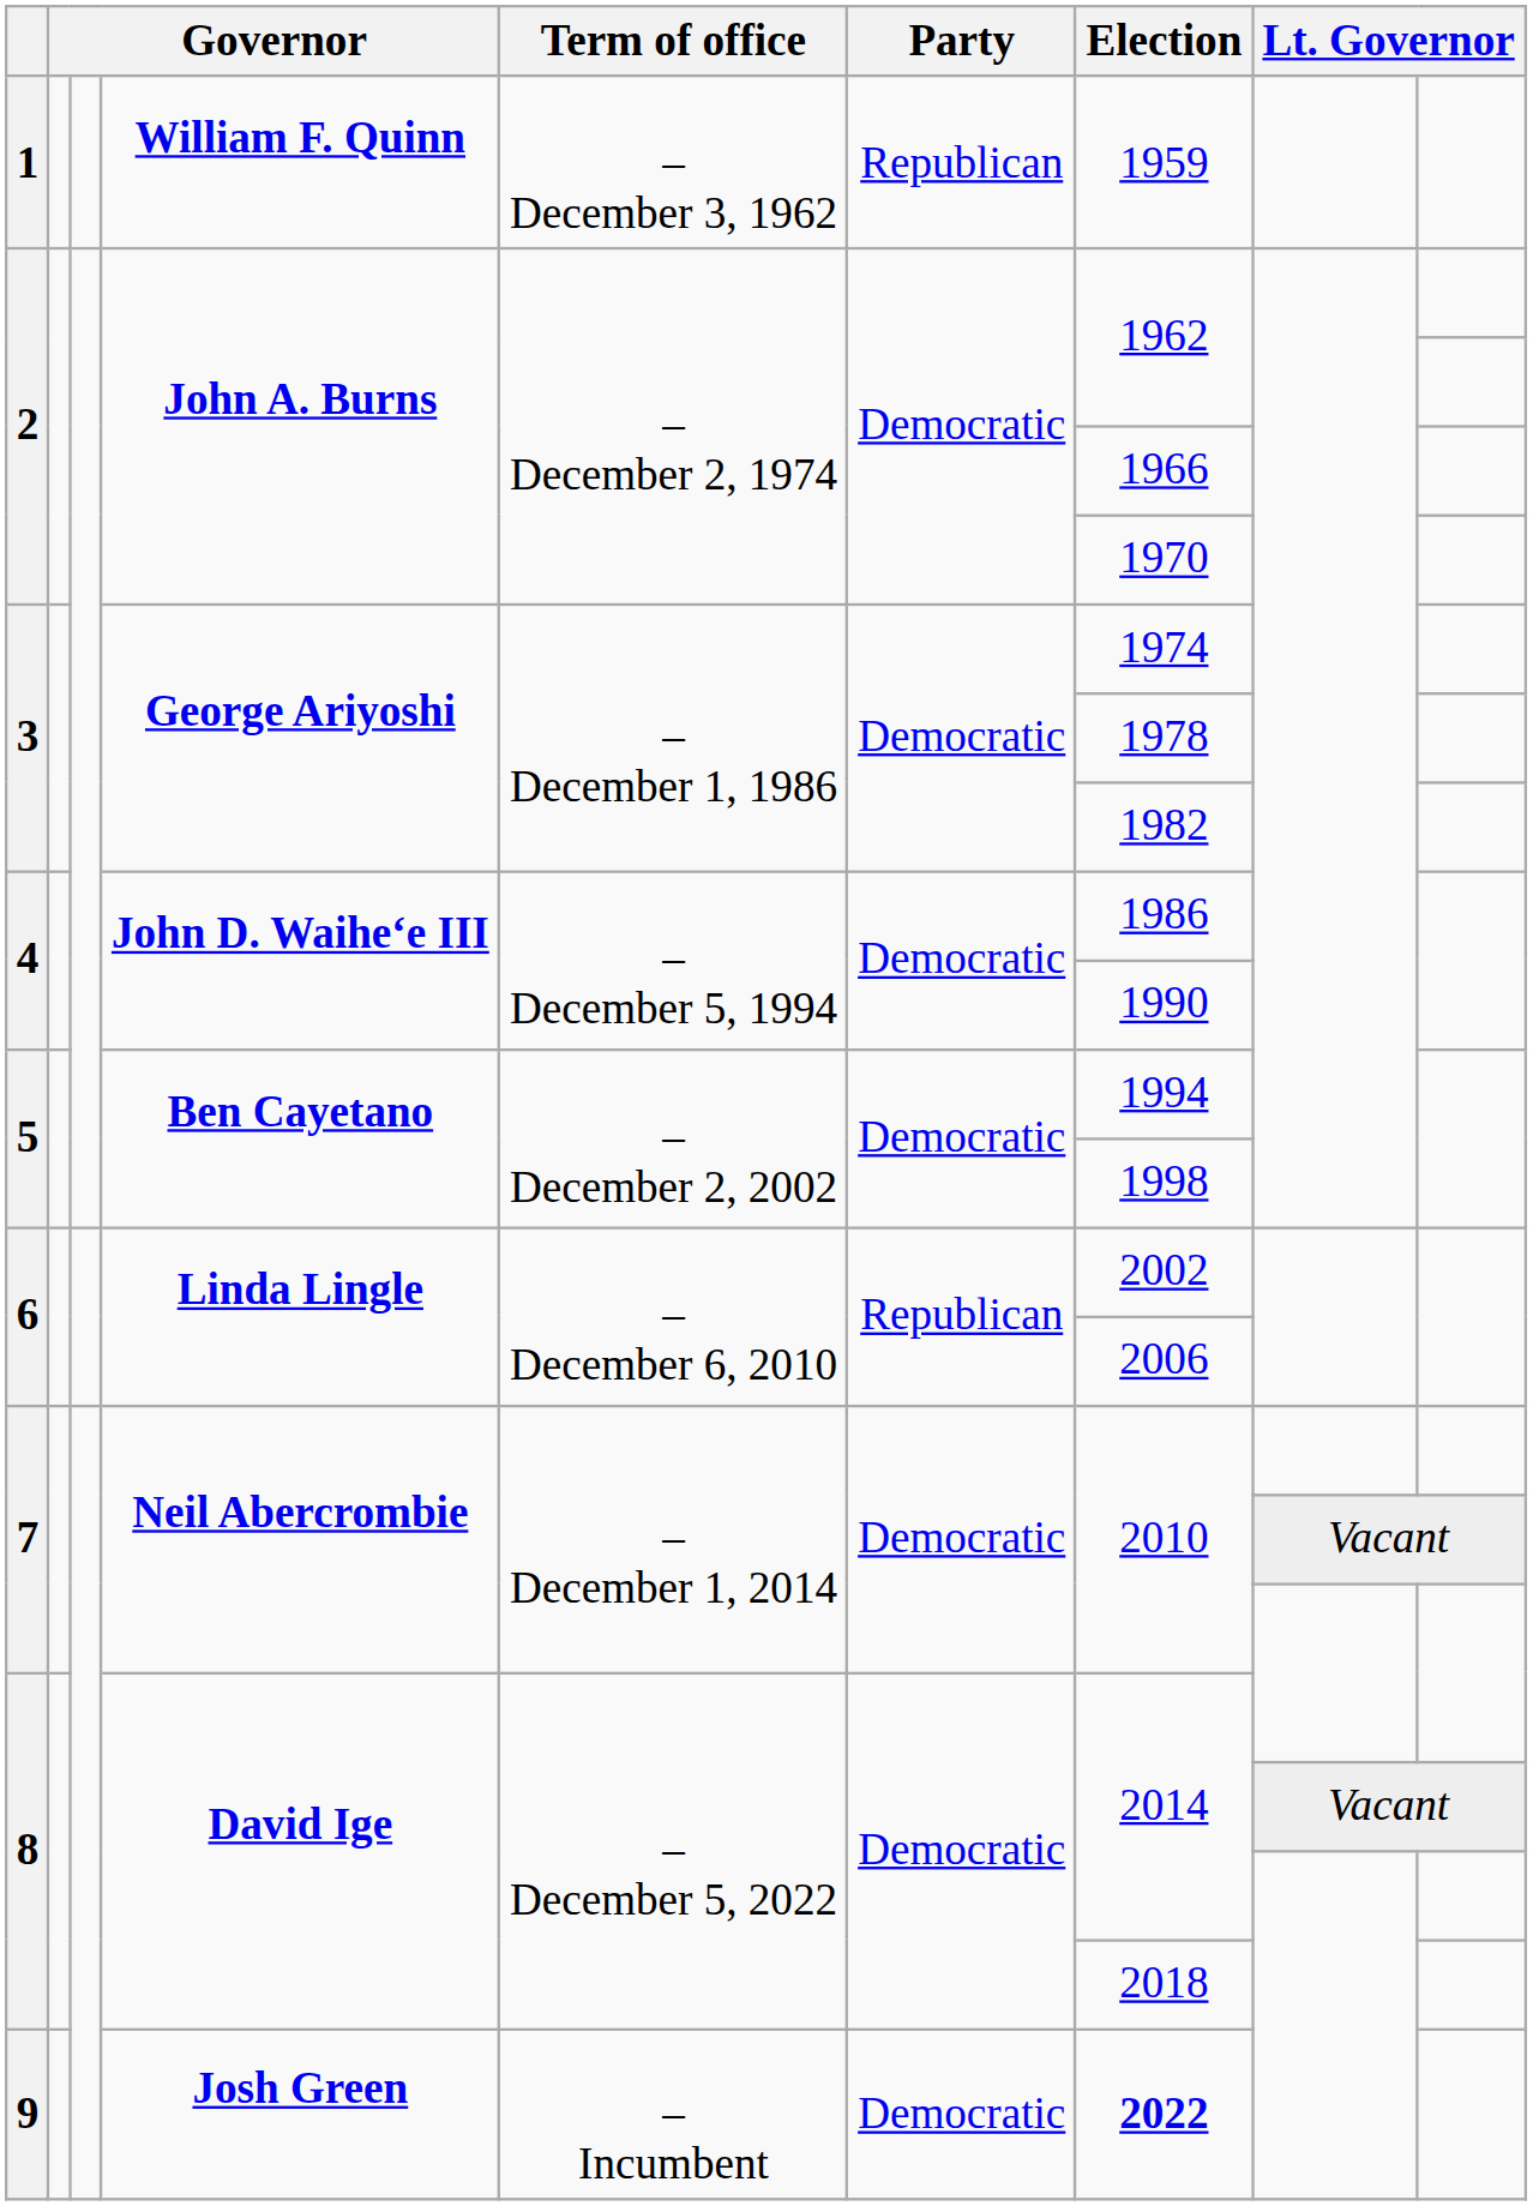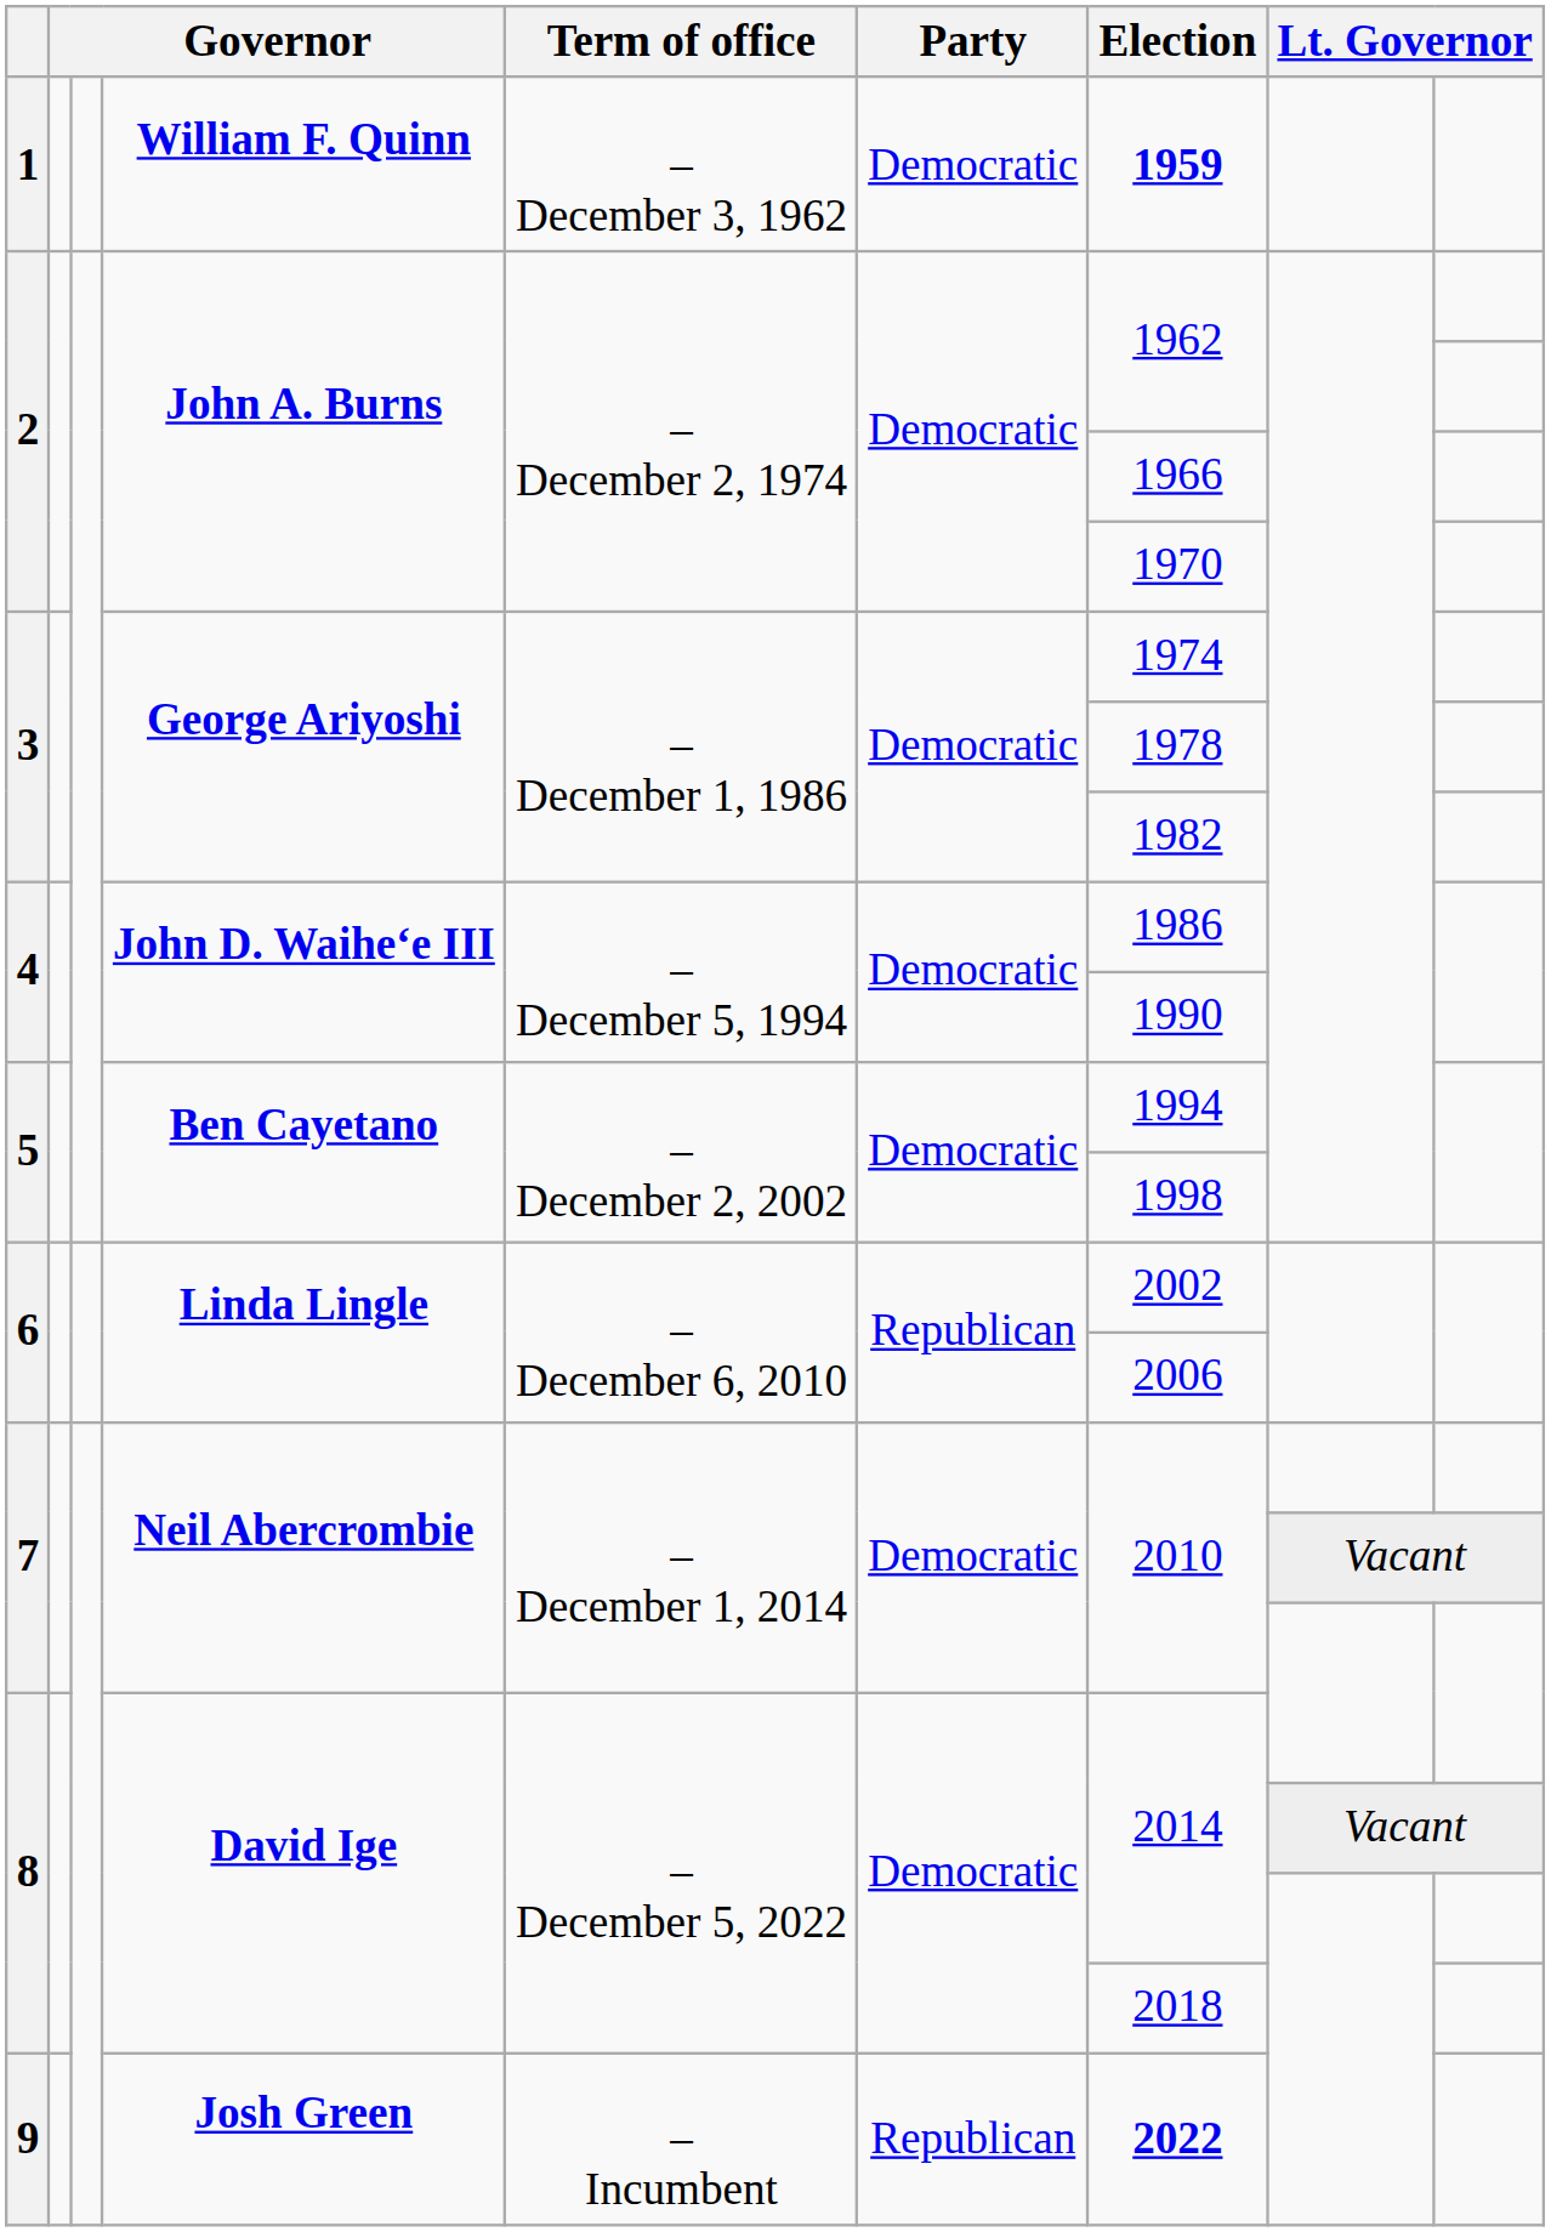 <table class="wikitable sortable mw-collapsible sticky-header-multi" style="text-align:center;">
 <tr>
 <th scope="col" data-sort-type="number"></th>
 <th scope="colgroup" colspan="3">Governor</th>
 <th scope="col">Term of office</th>
 <th scope="col">Party</th>
 <th scope="col">Election</th>
 <th scope="colgroup" colspan="2"><a href='#'>Lt. Governor</a></th>
 </tr>
 <tr style="height:2em;">
 <th scope="row">1</th>
 <td data-sort-value="Quinn, William"></td>
 <td style="background:"> </td>
 <td><strong><a href='#'>William F. Quinn</a></strong><br><br></td>
 <td><br>–<br>December 3, 1962<br></td>
-<td><a href='#'>Republican</a></td>
-<td><a href='#'>1959</a></td>
+<td><a href='#'>Democratic</a></td>
+<td><strong><a href='#'>1959</a></strong></td>
 <td style="background:"> </td>
 <td></td>
 </tr>
 <tr style="height:2em;">
 <th rowspan="4" scope="rowgroup">2</th>
 <td rowspan="4" data-sort-value="Burns, John"></td>
 <td rowspan="11" style="color:inherit;background:"></td>
 <td rowspan="4"><strong><a href='#'>John A. Burns</a></strong><br><br></td>
 <td rowspan="4"><br>–<br>December 2, 1974<br></td>
 <td rowspan="4"><a href='#'>Democratic</a></td>
 <td rowspan="2"><a href='#'>1962</a></td>
 <td rowspan="11" style="color:inherit;background:"></td>
 <td><br></td>
 </tr>
 <tr style="height:2em;">
 <td></td>
 </tr>
 <tr style="height:2em;">
 <td><a href='#'>1966</a></td>
 <td></td>
 </tr>
 <tr style="height:2em;">
 <td><a href='#'>1970</a></td>
 <td></td>
 </tr>
 <tr style="height:2em;">
 <th rowspan="3" scope="rowgroup">3</th>
 <td rowspan="3" data-sort-value="Ariyoshi, George"></td>
 <td rowspan="3"><strong><a href='#'>George Ariyoshi</a></strong><br><br></td>
 <td rowspan="3"><br>–<br>December 1, 1986<br></td>
 <td rowspan="3"><a href='#'>Democratic</a></td>
 <td><a href='#'>1974</a></td>
 <td></td>
 </tr>
 <tr style="height:2em;">
 <td><a href='#'>1978</a></td>
 <td></td>
 </tr>
 <tr style="height:2em;">
 <td><a href='#'>1982</a></td>
 <td></td>
 </tr>
 <tr style="height:2em;">
 <th rowspan="2" scope="rowgroup">4</th>
 <td rowspan="2" data-sort-value="Waiheʻe, John"></td>
 <td rowspan="2"><strong><a href='#'>John D. Waiheʻe III</a></strong><br><br></td>
 <td rowspan="2"><br>–<br>December 5, 1994<br></td>
 <td rowspan="2"><a href='#'>Democratic</a></td>
 <td><a href='#'>1986</a></td>
 <td rowspan="2"></td>
 </tr>
 <tr style="height:2em;">
 <td><a href='#'>1990</a></td>
 </tr>
 <tr style="height:2em;">
 <th rowspan="2" scope="rowgroup">5</th>
 <td rowspan="2" data-sort-value="Cayetano, Ben"></td>
 <td rowspan="2"><strong><a href='#'>Ben Cayetano</a></strong><br><br></td>
 <td rowspan="2"><br>–<br>December 2, 2002<br></td>
 <td rowspan="2"><a href='#'>Democratic</a></td>
 <td><a href='#'>1994</a></td>
 <td rowspan="2"></td>
 </tr>
 <tr style="height:2em;">
 <td><a href='#'>1998</a></td>
 </tr>
 <tr style="height:2em;">
 <th rowspan="2" scope="rowgroup">6</th>
 <td rowspan="2" data-sort-value="Lingle, Linda"></td>
 <td rowspan="2" style="color:inherit;background:"></td>
 <td rowspan="2"><strong><a href='#'>Linda Lingle</a></strong><br><br></td>
 <td rowspan="2"><br>–<br>December 6, 2010<br></td>
 <td rowspan="2"><a href='#'>Republican</a></td>
 <td><a href='#'>2002</a></td>
 <td rowspan="2" style="color:inherit;background:"></td>
 <td rowspan="2"></td>
 </tr>
 <tr style="height:2em;">
 <td><a href='#'>2006</a></td>
 </tr>
 <tr style="height:2em;">
 <th rowspan="3" scope="rowgroup">7</th>
 <td rowspan="3" data-sort-value="Abercrombie, Neil"></td>
 <td rowspan="8" style="color:inherit;background:"></td>
 <td rowspan="3"><strong><a href='#'>Neil Abercrombie</a></strong><br><br></td>
 <td rowspan="3"><br>–<br>December 1, 2014<br></td>
 <td rowspan="3"><a href='#'>Democratic</a></td>
 <td rowspan="3"><a href='#'>2010</a></td>
 <td style="color:inherit;background:"></td>
 <td><br></td>
 </tr>
 <tr style="height:2em;">
 <td colspan="2" style="background:#EEEEEE;"><em>Vacant</em></td>
 </tr>
 <tr style="height:2em;">
 <td rowspan="2" style="color:inherit;background:"></td>
 <td rowspan="2"><br></td>
 </tr>
 <tr style="height:2em;">
 <th rowspan="4" scope="rowgroup">8</th>
 <td rowspan="4" data-sort-value="Ige, David"></td>
 <td rowspan="4"><strong><a href='#'>David Ige</a></strong><br><br></td>
 <td rowspan="4"><br>–<br>December 5, 2022<br></td>
 <td rowspan="4"><a href='#'>Democratic</a></td>
 <td rowspan="3"><a href='#'>2014</a></td>
 </tr>
 <tr style="height:2em;">
 <td colspan="2" style="background:#EEEEEE;"><em>Vacant</em></td>
 </tr>
 <tr style="height:2em;">
 <td rowspan="3" style="color:inherit;background:"></td>
 <td><br></td>
 </tr>
 <tr style="height:2em;">
 <td><a href='#'>2018</a></td>
 <td></td>
 </tr>
 <tr style="height:2em;">
 <th scope="row">9</th>
 <td data-sort-value="Green, Josh"></td>
 <td><strong><a href='#'>Josh Green</a></strong><br><br></td>
 <td><br>–<br>Incumbent</td>
-<td><a href='#'>Democratic</a></td>
+<td><a href='#'>Republican</a></td>
 <td><strong><a href='#'>2022</a></strong></td>
 <td></td>
 </tr>
 </table>
